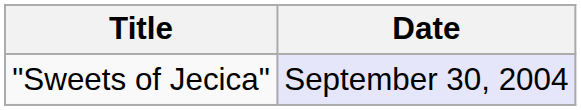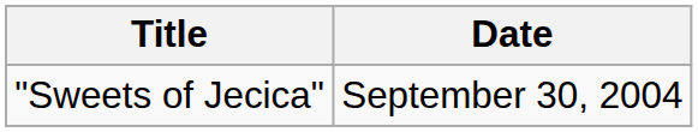 <table class="wikitable" style="text-align:center">
 <tr>
 <th>Title</th>
 <th>Date</th>
 </tr>
 <tr>
 <td>"Sweets of Jecica"</td>
-<td style="background: lavender;">September 30, 2004</td>
+<td>September 30, 2004</td>
 </tr>
 </table>
